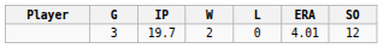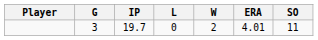 <table class="wikitable sortable">
 <tr>
 <th bgcolor="#DDDDFF" width="16%">Player</th>
 <th bgcolor="#DDDDFF" width="9%">G</th>
 <th bgcolor="#DDDDFF" width="9%">IP</th>
+<th bgcolor="#DDDDFF" width="9%">L</th>
 <th bgcolor="#DDDDFF" width="9%">W</th>
-<th bgcolor="#DDDDFF" width="9%">L</th>
 <th bgcolor="#DDDDFF" width="9%">ERA</th>
 <th bgcolor="#DDDDFF" width="9%">SO</th>
 </tr>
 <tr align="center">
 <td></td>
 <td>3</td>
 <td>19.7</td>
+<td>0</td>
 <td>2</td>
-<td>0</td>
 <td>4.01</td>
-<td>12</td>
+<td>11</td>
 </tr>
 </table>
